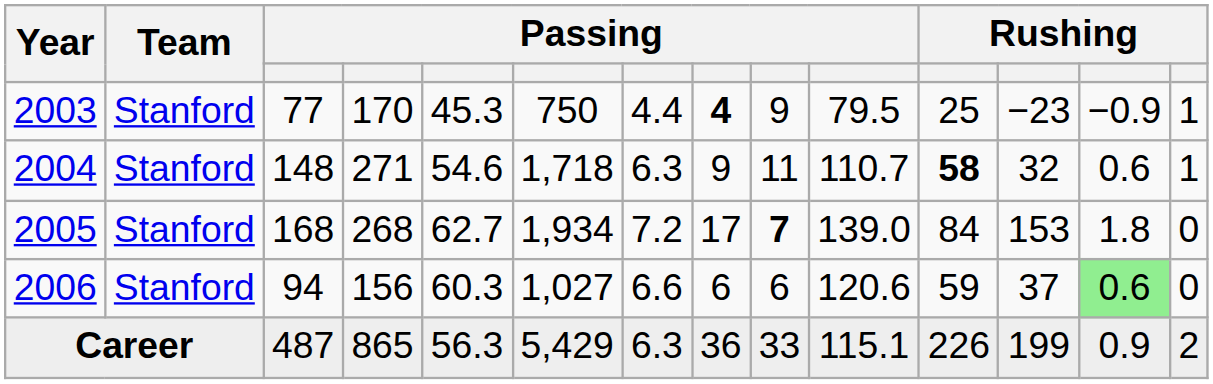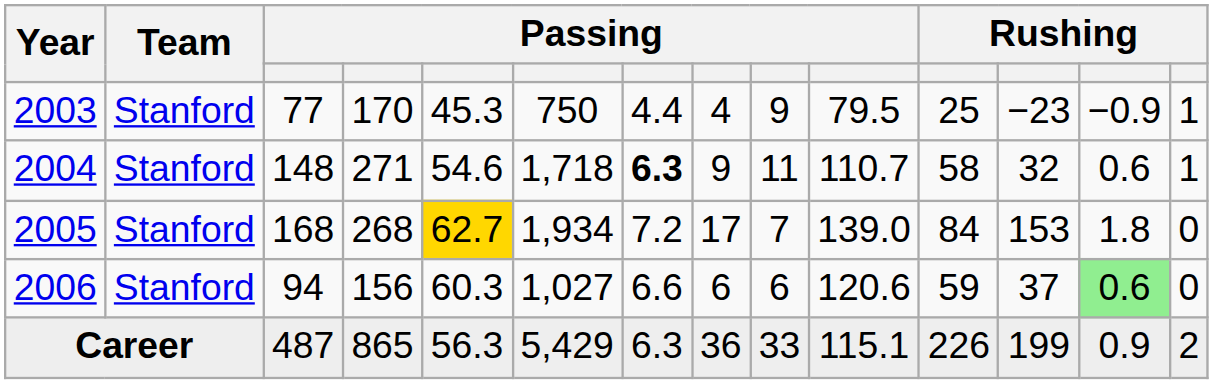 <table class="wikitable sortable" style="text-align:center;">
 <tr>
 <th rowspan=2>Year</th>
 <th rowspan=2>Team</th>
 <th colspan=8>Passing</th>
 <th colspan=4>Rushing</th>
 </tr>
 <tr>
 <th></th>
 <th></th>
 <th></th>
 <th></th>
 <th></th>
 <th></th>
 <th></th>
 <th></th>
 <th></th>
 <th></th>
 <th></th>
 <th></th>
 </tr>
 <tr>
 <td><a href='#'>2003</a></td>
 <td><a href='#'>Stanford</a></td>
 <td>77</td>
 <td>170</td>
 <td>45.3</td>
 <td>750</td>
 <td>4.4</td>
-<td><strong>4</strong></td>
+<td>4</td>
 <td>9</td>
 <td>79.5</td>
 <td>25</td>
 <td>−23</td>
 <td>−0.9</td>
 <td>1</td>
 </tr>
 <tr>
 <td><a href='#'>2004</a></td>
 <td><a href='#'>Stanford</a></td>
 <td>148</td>
 <td>271</td>
 <td>54.6</td>
 <td>1,718</td>
-<td>6.3</td>
+<td><strong>6.3</strong></td>
 <td>9</td>
 <td>11</td>
 <td>110.7</td>
-<td><strong>58</strong></td>
+<td>58</td>
 <td>32</td>
 <td>0.6</td>
 <td>1</td>
 </tr>
 <tr>
 <td><a href='#'>2005</a></td>
 <td><a href='#'>Stanford</a></td>
 <td>168</td>
 <td>268</td>
-<td>62.7</td>
+<td style="background: gold;">62.7</td>
 <td>1,934</td>
 <td>7.2</td>
 <td>17</td>
-<td><strong>7</strong></td>
+<td>7</td>
 <td>139.0</td>
 <td>84</td>
 <td>153</td>
 <td>1.8</td>
 <td>0</td>
 </tr>
 <tr>
 <td><a href='#'>2006</a></td>
 <td><a href='#'>Stanford</a></td>
 <td>94</td>
 <td>156</td>
 <td>60.3</td>
 <td>1,027</td>
 <td>6.6</td>
 <td>6</td>
 <td>6</td>
 <td>120.6</td>
 <td>59</td>
 <td>37</td>
 <td style="background: lightgreen;">0.6</td>
 <td>0</td>
 </tr>
 <tr class="sortbottom" style="background:#eee;">
 <td colspan=2><strong>Career</strong></td>
 <td>487</td>
 <td>865</td>
 <td>56.3</td>
 <td>5,429</td>
 <td>6.3</td>
 <td>36</td>
 <td>33</td>
 <td>115.1</td>
 <td>226</td>
 <td>199</td>
 <td>0.9</td>
 <td>2</td>
 </tr>
 </table>
